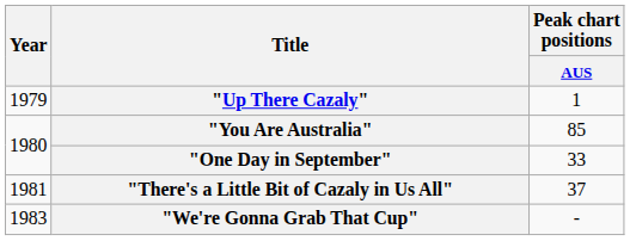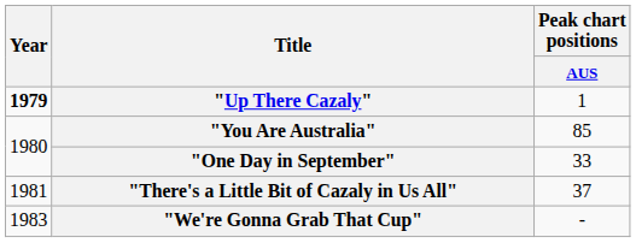 <table class="wikitable plainrowheaders" style="text-align:center;" border="1">
 <tr>
 <th scope="col" rowspan="2">Year</th>
 <th scope="col" rowspan="2" style="width:25em;">Title</th>
 <th scope="col" colspan="1">Peak chart<br>positions</th>
 </tr>
 <tr>
 <th scope="col" style="text-align:center;"><small><a href='#'>AUS</a></small><br></th>
 </tr>
 <tr>
-<td>1979</td>
+<td><strong>1979</strong></td>
 <th scope="row">"<a href='#'>Up There Cazaly</a>"</th>
 <td style="text-align:center;">1</td>
 </tr>
 <tr>
 <td rowspan="2">1980</td>
 <th scope="row">"You Are Australia" </th>
 <td style="text-align:center;">85</td>
 </tr>
 <tr>
 <th scope="row">"One Day in September"</th>
 <td style="text-align:center;">33</td>
 </tr>
 <tr>
 <td>1981</td>
 <th scope="row">"There's a Little Bit of Cazaly in Us All"</th>
 <td style="text-align:center;">37</td>
 </tr>
 <tr>
 <td>1983</td>
 <th scope="row">"We're Gonna Grab That Cup"</th>
 <td style="text-align:center;">-</td>
 </tr>
 </table>
